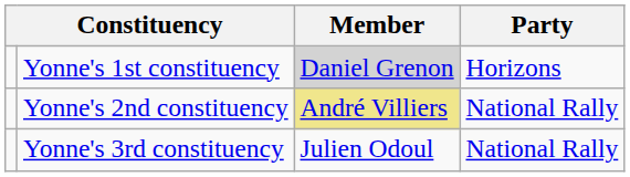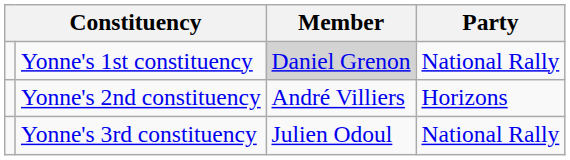 <table class="wikitable">
 <tr>
 <th colspan="2">Constituency</th>
 <th>Member</th>
 <th>Party</th>
 </tr>
 <tr>
 <td style="background-color: "></td>
 <td><a href='#'>Yonne's 1st constituency</a></td>
 <td style="background: lightgrey;"><a href='#'>Daniel Grenon</a></td>
-<td><a href='#'>Horizons</a></td>
+<td><a href='#'>National Rally</a></td>
 </tr>
 <tr>
 <td style="background-color: "></td>
 <td><a href='#'>Yonne's 2nd constituency</a></td>
-<td style="background: khaki;"><a href='#'>André Villiers</a></td>
-<td><a href='#'>National Rally</a></td>
+<td><a href='#'>André Villiers</a></td>
+<td><a href='#'>Horizons</a></td>
 </tr>
 <tr>
 <td style="background-color: "></td>
 <td><a href='#'>Yonne's 3rd constituency</a></td>
 <td><a href='#'>Julien Odoul</a></td>
 <td><a href='#'>National Rally</a></td>
 </tr>
 </table>
